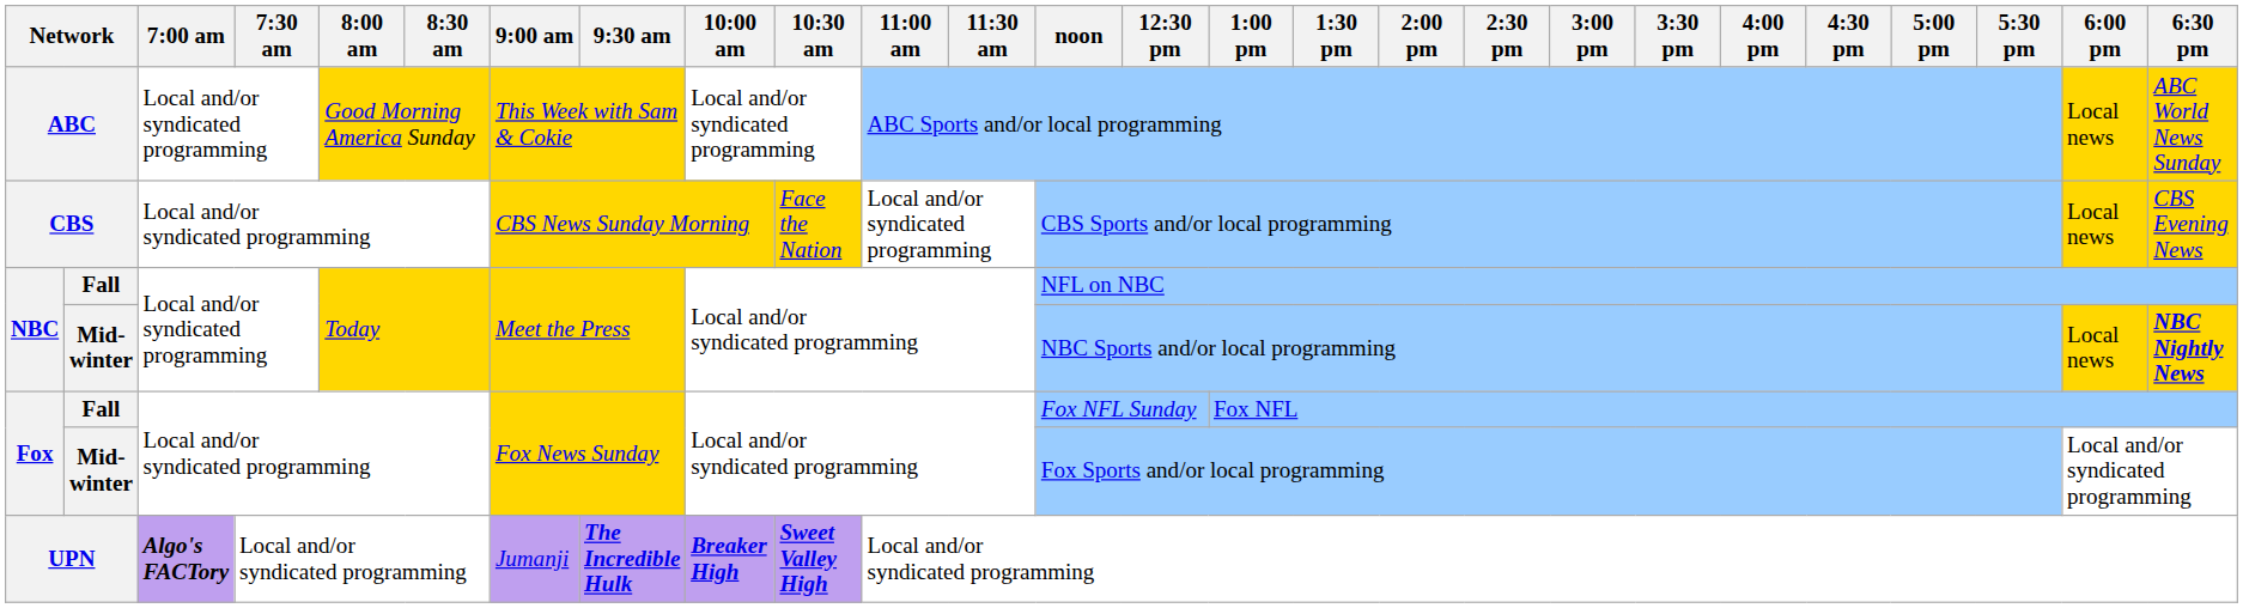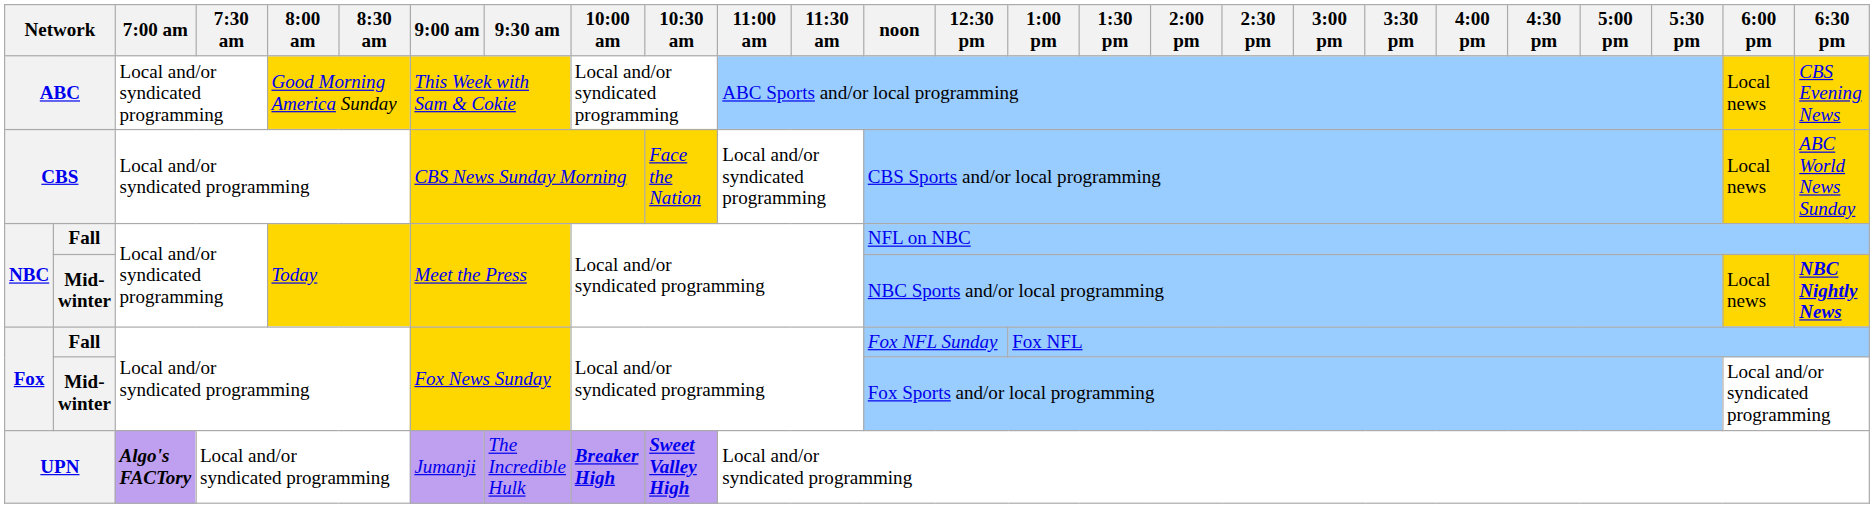 <table class=wikitable>
 <tr>
 <th width="1.5%" bgcolor="#C0C0C0" colspan="2">Network</th>
 <th width="4%" bgcolor="#C0C0C0">7:00 am</th>
 <th width="4%" bgcolor="#C0C0C0">7:30 am</th>
 <th width="4%" bgcolor="#C0C0C0">8:00 am</th>
 <th width="4%" bgcolor="#C0C0C0">8:30 am</th>
 <th width="4%" bgcolor="#C0C0C0">9:00 am</th>
 <th width="4%" bgcolor="#C0C0C0">9:30 am</th>
 <th width="4%" bgcolor="#C0C0C0">10:00 am</th>
 <th width="4%" bgcolor="#C0C0C0">10:30 am</th>
 <th width="4%" bgcolor="#C0C0C0">11:00 am</th>
 <th width="4%" bgcolor="#C0C0C0">11:30 am</th>
 <th width="4%" bgcolor="#C0C0C0">noon</th>
 <th width="4%" bgcolor="#C0C0C0">12:30 pm</th>
 <th width="4%" bgcolor="#C0C0C0">1:00 pm</th>
 <th width="4%" bgcolor="#C0C0C0">1:30 pm</th>
 <th width="4%" bgcolor="#C0C0C0">2:00 pm</th>
 <th width="4%" bgcolor="#C0C0C0">2:30 pm</th>
 <th width="4%" bgcolor="#C0C0C0">3:00 pm</th>
 <th width="4%" bgcolor="#C0C0C0">3:30 pm</th>
 <th width="4%" bgcolor="#C0C0C0">4:00 pm</th>
 <th width="4%" bgcolor="#C0C0C0">4:30 pm</th>
 <th width="4%" bgcolor="#C0C0C0">5:00 pm</th>
 <th width="4%" bgcolor="#C0C0C0">5:30 pm</th>
 <th width="4%" bgcolor="#C0C0C0">6:00 pm</th>
 <th width="4%" bgcolor="#C0C0C0">6:30 pm</th>
 </tr>
 <tr>
 <th bgcolor="#C0C0C0" colspan="2"><a href='#'>ABC</a></th>
 <td bgcolor="white" colspan="2">Local and/or<br>syndicated programming</td>
 <td bgcolor="gold" colspan="2"><em><a href='#'>Good Morning America</a> Sunday</em></td>
 <td bgcolor="gold" colspan="2"><em><a href='#'>This Week with Sam & Cokie</a></em></td>
 <td bgcolor="white" colspan="2">Local and/or<br>syndicated programming</td>
 <td bgcolor="99ccff" colspan="14"><a href='#'>ABC Sports</a> and/or local programming</td>
 <td bgcolor="gold">Local news</td>
-<td bgcolor="gold"><em><a href='#'>ABC World News Sunday</a></em></td>
+<td bgcolor="gold"><em><a href='#'>CBS Evening News</a></em></td>
 </tr>
 <tr>
 <th bgcolor="#C0C0C0" colspan="2"><a href='#'>CBS</a></th>
 <td bgcolor="white" colspan="4">Local and/or<br>syndicated programming</td>
 <td bgcolor="gold" colspan="3"><em><a href='#'>CBS News Sunday Morning</a></em></td>
 <td bgcolor="gold" colspan="1"><em><a href='#'>Face the Nation</a></em></td>
 <td bgcolor="white" colspan="2">Local and/or<br>syndicated programming</td>
 <td bgcolor="99ccff" colspan="12"><a href='#'>CBS Sports</a> and/or local programming</td>
 <td bgcolor="gold">Local news</td>
-<td bgcolor="gold"><em><a href='#'>CBS Evening News</a></em></td>
+<td bgcolor="gold"><em><a href='#'>ABC World News Sunday</a></em></td>
 </tr>
 <tr>
 <th bgcolor="#C0C0C0" rowspan="2"><a href='#'>NBC</a></th>
 <th>Fall</th>
 <td bgcolor="white" colspan="2" rowspan="2">Local and/or<br>syndicated programming</td>
 <td bgcolor="gold" colspan="2" rowspan="2"><em><a href='#'>Today</a></em></td>
 <td bgcolor="gold" colspan="2" rowspan="2"><em><a href='#'>Meet the Press</a></em></td>
 <td bgcolor="white" colspan="4" rowspan="2">Local and/or<br>syndicated programming</td>
 <td bgcolor="99ccff" colspan="14" rowspan="1"><a href='#'>NFL on NBC</a></td>
 </tr>
 <tr>
 <th>Mid-winter</th>
 <td bgcolor="99ccff" colspan="12" rowspan="1"><a href='#'>NBC Sports</a> and/or local programming</td>
 <td bgcolor="gold" rowspan="1">Local news</td>
 <td bgcolor="gold" rowspan="1"><strong><em><a href='#'>NBC Nightly News</a></em></strong></td>
 </tr>
 <tr>
 <th bgcolor="#C0C0C0" rowspan="2"><a href='#'>Fox</a></th>
 <th>Fall</th>
 <td bgcolor="white" colspan="4" rowspan="2">Local and/or<br>syndicated programming</td>
 <td bgcolor="gold" colspan="2" rowspan="2"><em><a href='#'>Fox News Sunday</a></em></td>
 <td bgcolor="white" colspan="4" rowspan="2">Local and/or<br>syndicated programming</td>
 <td bgcolor="99ccff" colspan="2"><em><a href='#'>Fox NFL Sunday</a></em></td>
 <td bgcolor="99ccff" colspan="12"><a href='#'>Fox NFL</a></td>
 </tr>
 <tr>
 <th>Mid-winter</th>
 <td bgcolor="99ccff" colspan="12"><a href='#'>Fox Sports</a> and/or local programming</td>
 <td bgcolor="white" colspan="2">Local and/or<br>syndicated programming</td>
 </tr>
 <tr>
 <th bgcolor="#C0C0C0" colspan="2"><a href='#'>UPN</a></th>
 <td bgcolor="bf9fef"><strong><em>Algo's FACTory</em></strong></td>
 <td bgcolor="white" colspan="3">Local and/or<br>syndicated programming</td>
 <td bgcolor="bf9fef"><em><a href='#'>Jumanji</a></em></td>
-<td bgcolor="bf9fef"><strong><em><a href='#'>The Incredible Hulk</a></em></strong></td>
+<td bgcolor="bf9fef"><em><a href='#'>The Incredible Hulk</a></em></td>
 <td bgcolor="bf9fef"><strong><em><a href='#'>Breaker High</a></em></strong></td>
 <td bgcolor="bf9fef"><strong><em><a href='#'>Sweet Valley High</a></em></strong></td>
 <td bgcolor="white" colspan="18">Local and/or<br>syndicated programming</td>
 </tr>
 </table>
